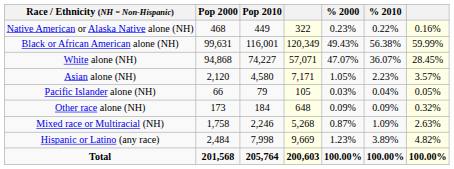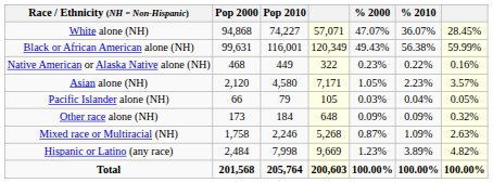 <table class="wikitable" style="text-align:center;">
 <tr>
 <th>Race / Ethnicity <small>(<em>NH = Non-Hispanic</em>)</small></th>
 <th>Pop 2000</th>
 <th>Pop 2010</th>
 <th></th>
 <th>% 2000</th>
 <th>% 2010</th>
 <th></th>
 </tr>
 <tr>
-<td><a href='#'>Native American</a> or <a href='#'>Alaska Native</a> alone (NH)</td>
-<td>468</td>
-<td>449</td>
-<td style='background: #ffffe6;'>322</td>
-<td>0.23%</td>
-<td>0.22%</td>
-<td style='background: #ffffe6;'>0.16%</td>
+<td><a href='#'>White</a> alone (NH)</td>
+<td>94,868</td>
+<td>74,227</td>
+<td style='background: #ffffe6;'>57,071</td>
+<td>47.07%</td>
+<td>36.07%</td>
+<td style='background: #ffffe6;'>28.45%</td>
 </tr>
 <tr>
 <td><a href='#'>Black or African American</a> alone (NH)</td>
 <td>99,631</td>
 <td>116,001</td>
 <td style='background: #ffffe6;'>120,349</td>
 <td>49.43%</td>
 <td>56.38%</td>
 <td style='background: #ffffe6;'>59.99%</td>
 </tr>
 <tr>
-<td><a href='#'>White</a> alone (NH)</td>
-<td>94,868</td>
-<td>74,227</td>
-<td style='background: #ffffe6;'>57,071</td>
-<td>47.07%</td>
-<td>36.07%</td>
-<td style='background: #ffffe6;'>28.45%</td>
+<td><a href='#'>Native American</a> or <a href='#'>Alaska Native</a> alone (NH)</td>
+<td>468</td>
+<td>449</td>
+<td style='background: #ffffe6;'>322</td>
+<td>0.23%</td>
+<td>0.22%</td>
+<td style='background: #ffffe6;'>0.16%</td>
 </tr>
 <tr>
 <td><a href='#'>Asian</a> alone (NH)</td>
 <td>2,120</td>
 <td>4,580</td>
 <td style='background: #ffffe6;'>7,171</td>
 <td>1.05%</td>
 <td>2.23%</td>
 <td style='background: #ffffe6;'>3.57%</td>
 </tr>
 <tr>
 <td><a href='#'>Pacific Islander</a> alone (NH)</td>
 <td>66</td>
 <td>79</td>
 <td style='background: #ffffe6;'>105</td>
 <td>0.03%</td>
 <td>0.04%</td>
 <td style='background: #ffffe6;'>0.05%</td>
 </tr>
 <tr>
 <td><a href='#'>Other race</a> alone (NH)</td>
 <td>173</td>
 <td>184</td>
 <td style='background: #ffffe6;'>648</td>
 <td>0.09%</td>
 <td>0.09%</td>
 <td style='background: #ffffe6;'>0.32%</td>
 </tr>
 <tr>
 <td><a href='#'>Mixed race or Multiracial</a> (NH)</td>
 <td>1,758</td>
 <td>2,246</td>
 <td style='background: #ffffe6;'>5,268</td>
 <td>0.87%</td>
 <td>1.09%</td>
 <td style='background: #ffffe6;'>2.63%</td>
 </tr>
 <tr>
 <td><a href='#'>Hispanic or Latino</a> (any race)</td>
 <td>2,484</td>
 <td>7,998</td>
 <td style='background: #ffffe6;'>9,669</td>
 <td>1.23%</td>
 <td>3.89%</td>
 <td style='background: #ffffe6;'>4.82%</td>
 </tr>
 <tr>
 <td><strong>Total</strong></td>
 <td><strong>201,568</strong></td>
 <td><strong>205,764</strong></td>
 <td style='background: #ffffe6;'><strong>200,603</strong></td>
 <td><strong>100.00%</strong></td>
 <td><strong>100.00%</strong></td>
 <td style='background: #ffffe6;'><strong>100.00%</strong></td>
 </tr>
 </table>
